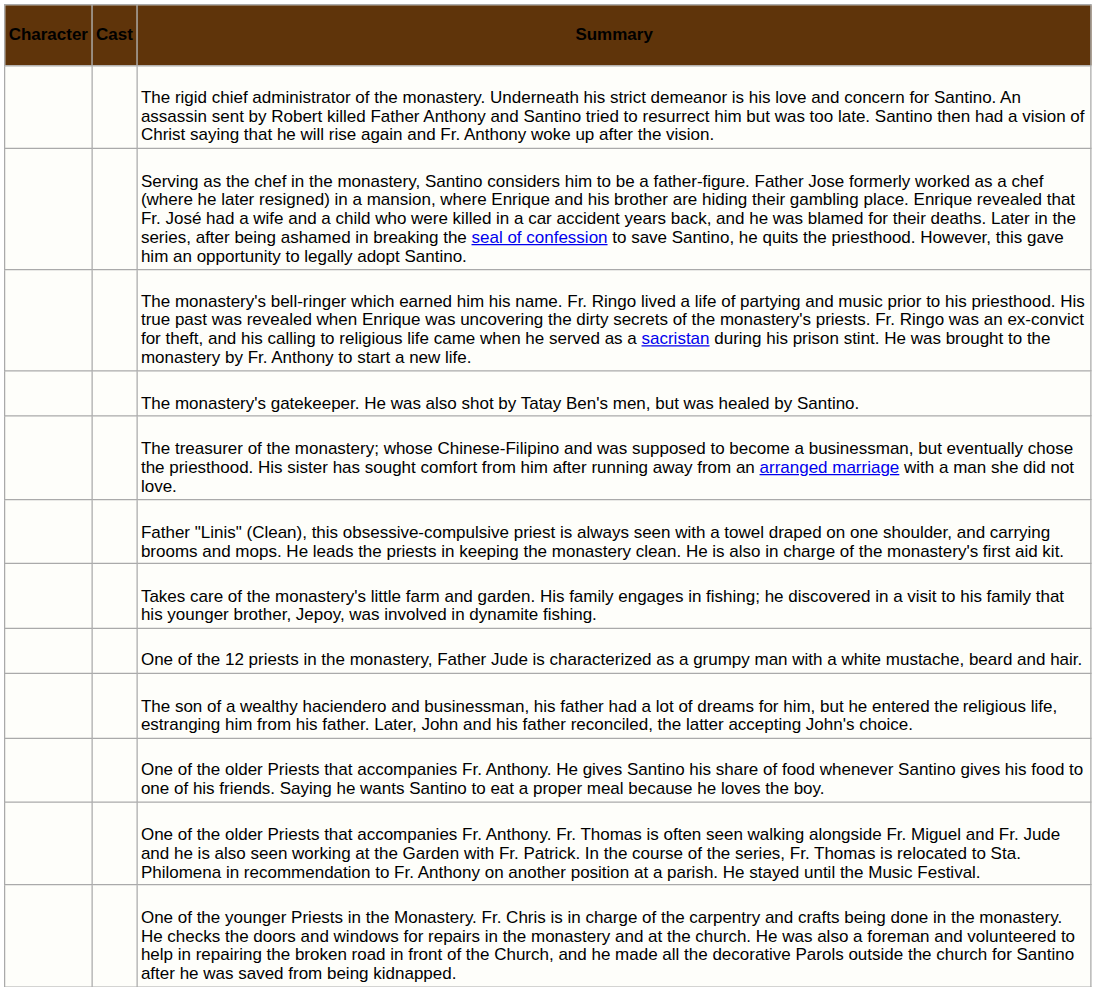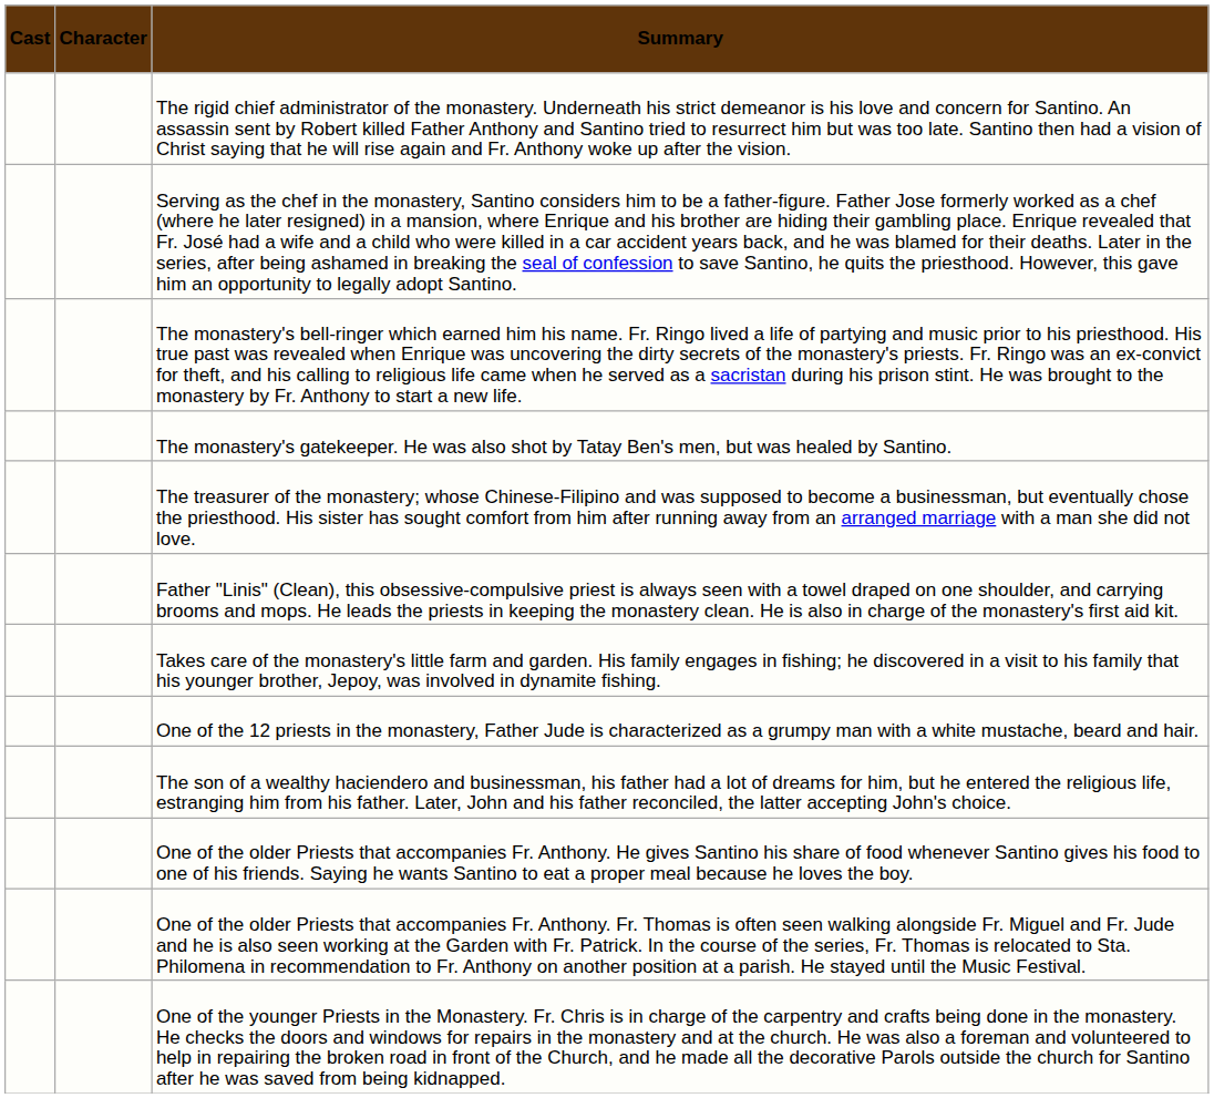 <table class="wikitable" style=" background:#FEFEFA; font-size: 85%;">
 <tr>
+<th style="background:#5F340A ;"><p>Cast</p></th>
 <th style="background:#5F340A; "><p>Character</p></th>
-<th style="background:#5F340A ;"><p>Cast</p></th>
 <th style="background:#5F340A ;"><p>Summary</p></th>
 </tr>
 <tr>
 <td></td>
 <td></td>
 <td><br>The rigid chief administrator of the monastery. Underneath his strict demeanor is his love and concern for Santino. An assassin sent by Robert killed Father Anthony and Santino tried to resurrect him but was too late. Santino then had a vision of Christ saying that he will rise again and Fr. Anthony woke up after the vision.</td>
 </tr>
 <tr>
 <td></td>
 <td></td>
 <td><br>Serving as the chef in the monastery, Santino considers him to be a father-figure. Father Jose formerly worked as a chef (where he later resigned) in a mansion, where Enrique and his brother are hiding their gambling place. Enrique revealed that Fr. José had a wife and a child who were killed in a car accident years back, and he was blamed for their deaths. Later in the series, after being ashamed in breaking the <a href='#'>seal of confession</a> to save Santino, he quits the priesthood. However, this gave him an opportunity to legally adopt Santino.</td>
 </tr>
 <tr>
 <td></td>
 <td></td>
 <td><br>The monastery's bell-ringer which earned him his name. Fr. Ringo lived a life of partying and music prior to his priesthood. His true past was revealed when Enrique was uncovering the dirty secrets of the monastery's priests. Fr. Ringo was an ex-convict for theft, and his calling to religious life came when he served as a <a href='#'>sacristan</a> during his prison stint. He was brought to the monastery by Fr. Anthony to start a new life.</td>
 </tr>
 <tr>
 <td></td>
 <td></td>
 <td><br>The monastery's gatekeeper. He was also shot by Tatay Ben's men, but was healed by Santino.</td>
 </tr>
 <tr>
 <td></td>
 <td></td>
 <td><br>The treasurer of the monastery; whose Chinese-Filipino and was supposed to become a businessman, but eventually chose the priesthood. His sister has sought comfort from him after running away from an <a href='#'>arranged marriage</a> with a man she did not love.</td>
 </tr>
 <tr>
 <td></td>
 <td></td>
 <td><br>Father "Linis" (Clean), this obsessive-compulsive priest is always seen with a towel draped on one shoulder, and carrying brooms and mops. He leads the priests in keeping the monastery clean. He is also in charge of the monastery's first aid kit.</td>
 </tr>
 <tr>
 <td></td>
 <td></td>
 <td><br>Takes care of the monastery's little farm and garden. His family engages in fishing; he discovered in a visit to his family that his younger brother, Jepoy, was involved in dynamite fishing.</td>
 </tr>
 <tr>
 <td></td>
 <td></td>
 <td><br>One of the 12 priests in the monastery, Father Jude is characterized as a grumpy man with a white mustache, beard and hair.</td>
 </tr>
 <tr>
 <td></td>
 <td></td>
 <td><br>The son of a wealthy haciendero and businessman, his father had a lot of dreams for him, but he entered the religious life, estranging him from his father. Later, John and his father reconciled, the latter accepting John's choice.</td>
 </tr>
 <tr>
 <td></td>
 <td></td>
 <td><br>One of the older Priests that accompanies Fr. Anthony. He gives Santino his share of food whenever Santino gives his food to one of his friends. Saying he wants Santino to eat a proper meal because he loves the boy.</td>
 </tr>
 <tr>
 <td></td>
 <td></td>
 <td><br>One of the older Priests that accompanies Fr. Anthony. Fr. Thomas is often seen walking alongside Fr. Miguel and Fr. Jude and he is also seen working at the Garden with Fr. Patrick. In the course of the series, Fr. Thomas is relocated to Sta. Philomena in recommendation to Fr. Anthony on another position at a parish. He stayed until the Music Festival.</td>
 </tr>
 <tr>
 <td></td>
 <td></td>
 <td><br>One of the younger Priests in the Monastery. Fr. Chris is in charge of the carpentry and crafts being done in the monastery. He checks the doors and windows for repairs in the monastery and at the church. He was also a foreman and volunteered to help in repairing the broken road in front of the Church, and he made all the decorative  Parols outside the church for Santino after he was saved from being kidnapped.</td>
 </tr>
 </table>
